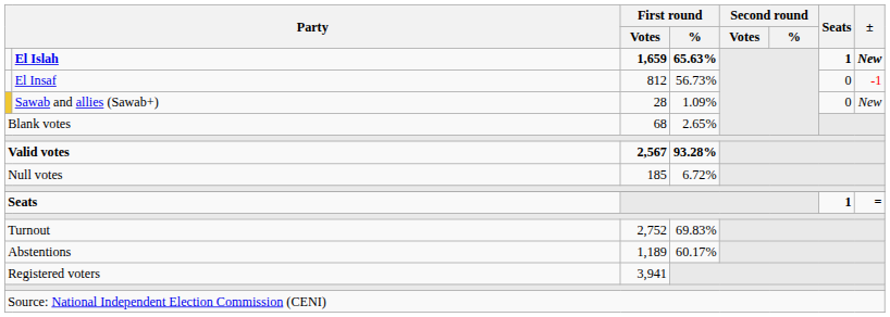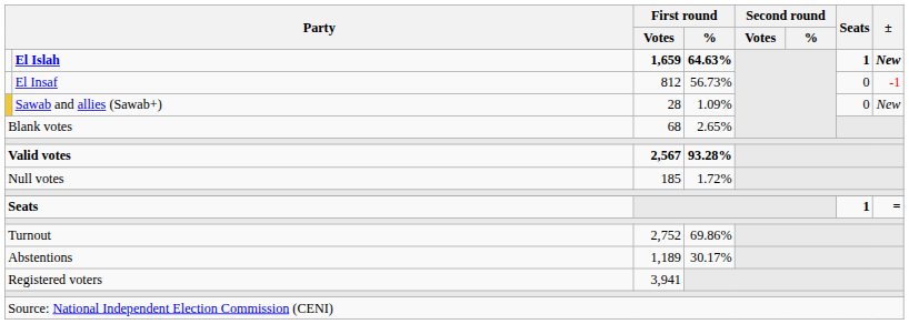 <table class="wikitable" style="text-align:right;font-size:95%;">
 <tr>
 <th rowspan="2" colspan="2" width="700">Party</th>
 <th colspan="2">First round</th>
 <th colspan="2">Second round</th>
 <th rowspan="2" width="25">Seats</th>
 <th rowspan="2" width="20">±</th>
 </tr>
 <tr>
 <th width="50">Votes</th>
 <th width="50">%</th>
 <th width="50">Votes</th>
 <th width="50">%</th>
 </tr>
 <tr>
 <td width="1" style="color:inherit;background:"></td>
 <td style="text-align:left;"><strong><a href='#'>El Islah</a></strong></td>
 <td><strong>1,659</strong></td>
-<td><strong>65.63%</strong></td>
+<td><strong>64.63%</strong></td>
 <td colspan="2" rowspan="4" style="background:#E9E9E9;"></td>
 <td><strong>1</strong></td>
 <td><strong><em>New</em></strong></td>
 </tr>
 <tr>
 <td width="1" style="color:inherit;background:"></td>
 <td style="text-align:left;"><a href='#'>El Insaf</a></td>
 <td>812</td>
 <td>56.73%</td>
 <td>0</td>
 <td style="color:red;">-1</td>
 </tr>
 <tr>
 <td width="1" style="color:inherit;background:#F0C832;"></td>
 <td style="text-align:left;"><a href='#'>Sawab</a> and <a href='#'>allies</a> (Sawab+)</td>
 <td>28</td>
 <td>1.09%</td>
 <td>0</td>
 <td><em>New</em></td>
 </tr>
 <tr>
 <td colspan="2" style="text-align:left;">Blank votes</td>
 <td>68</td>
 <td>2.65%</td>
 <td colspan="4" style="background:#E9E9E9;"></td>
 </tr>
 <tr>
 <td colspan="8" style="background:#E9E9E9;"></td>
 </tr>
 <tr style="font-weight:bold;">
 <td colspan="2" style="text-align:left;">Valid votes</td>
 <td>2,567</td>
 <td>93.28%</td>
 <td colspan="4" style="background:#E9E9E9;"></td>
 </tr>
 <tr>
 <td colspan="2" style="text-align:left;">Null votes</td>
 <td>185</td>
-<td>6.72%</td>
+<td>1.72%</td>
 <td colspan="4" style="background:#E9E9E9;"></td>
 </tr>
 <tr>
 <td colspan="8" style="background:#E9E9E9;"></td>
 </tr>
 <tr>
 </tr>
 <tr style="font-weight:bold;">
 <td colspan="2" style="text-align:left;">Seats</td>
 <td colspan="4" style="background:#E9E9E9;"></td>
 <td>1</td>
 <td>=</td>
 </tr>
 <tr>
 <td colspan="8" style="background:#E9E9E9;"></td>
 </tr>
 <tr>
 <td colspan="2" style="text-align:left;">Turnout</td>
 <td>2,752</td>
-<td>69.83%</td>
+<td>69.86%</td>
 <td colspan="4" style="background:#E9E9E9;"></td>
 </tr>
 <tr>
 <td colspan="2" style="text-align:left;">Abstentions</td>
 <td>1,189</td>
-<td>60.17%</td>
+<td>30.17%</td>
 <td colspan="4" style="background:#E9E9E9;"></td>
 </tr>
 <tr>
 <td colspan="2" style="text-align:left;">Registered voters</td>
 <td>3,941</td>
 <td colspan="5" style="background:#E9E9E9;"></td>
 </tr>
 <tr>
 <td colspan="8" style="background:#E9E9E9;"></td>
 </tr>
 <tr>
 <td colspan="8" style="text-align:left;">Source: <a href='#'>National Independent Election Commission</a> (CENI)</td>
 </tr>
 </table>
